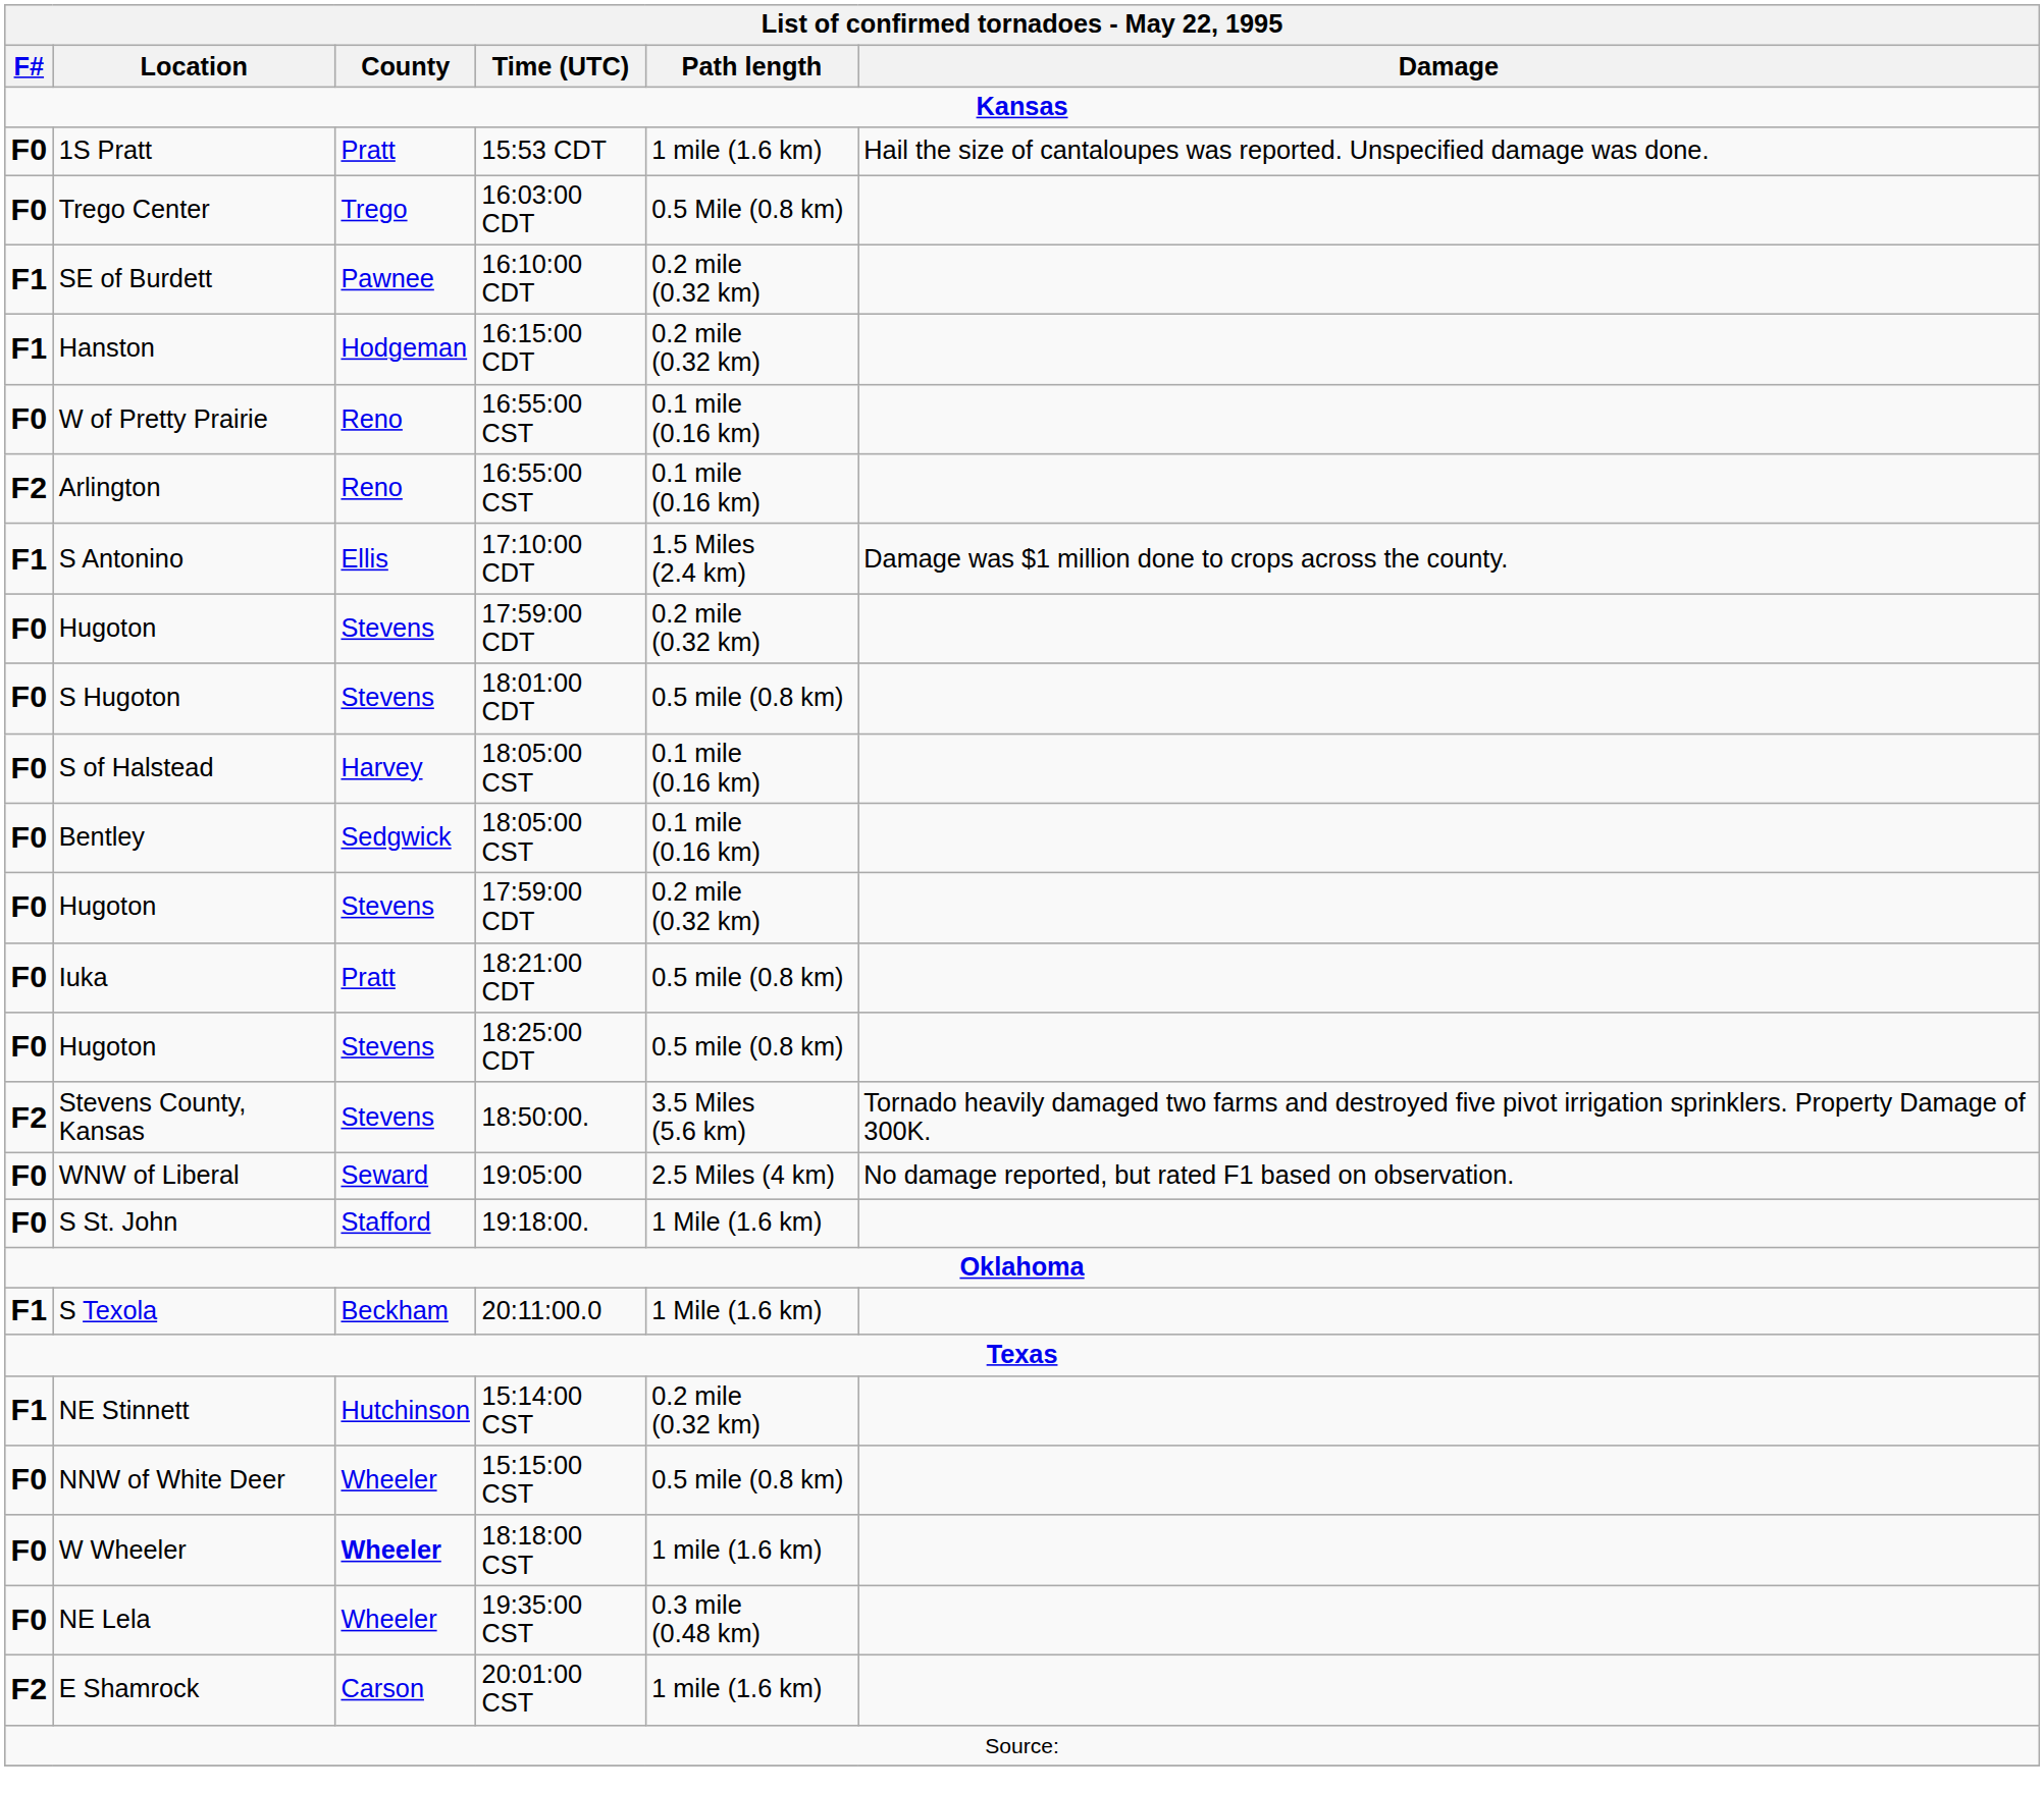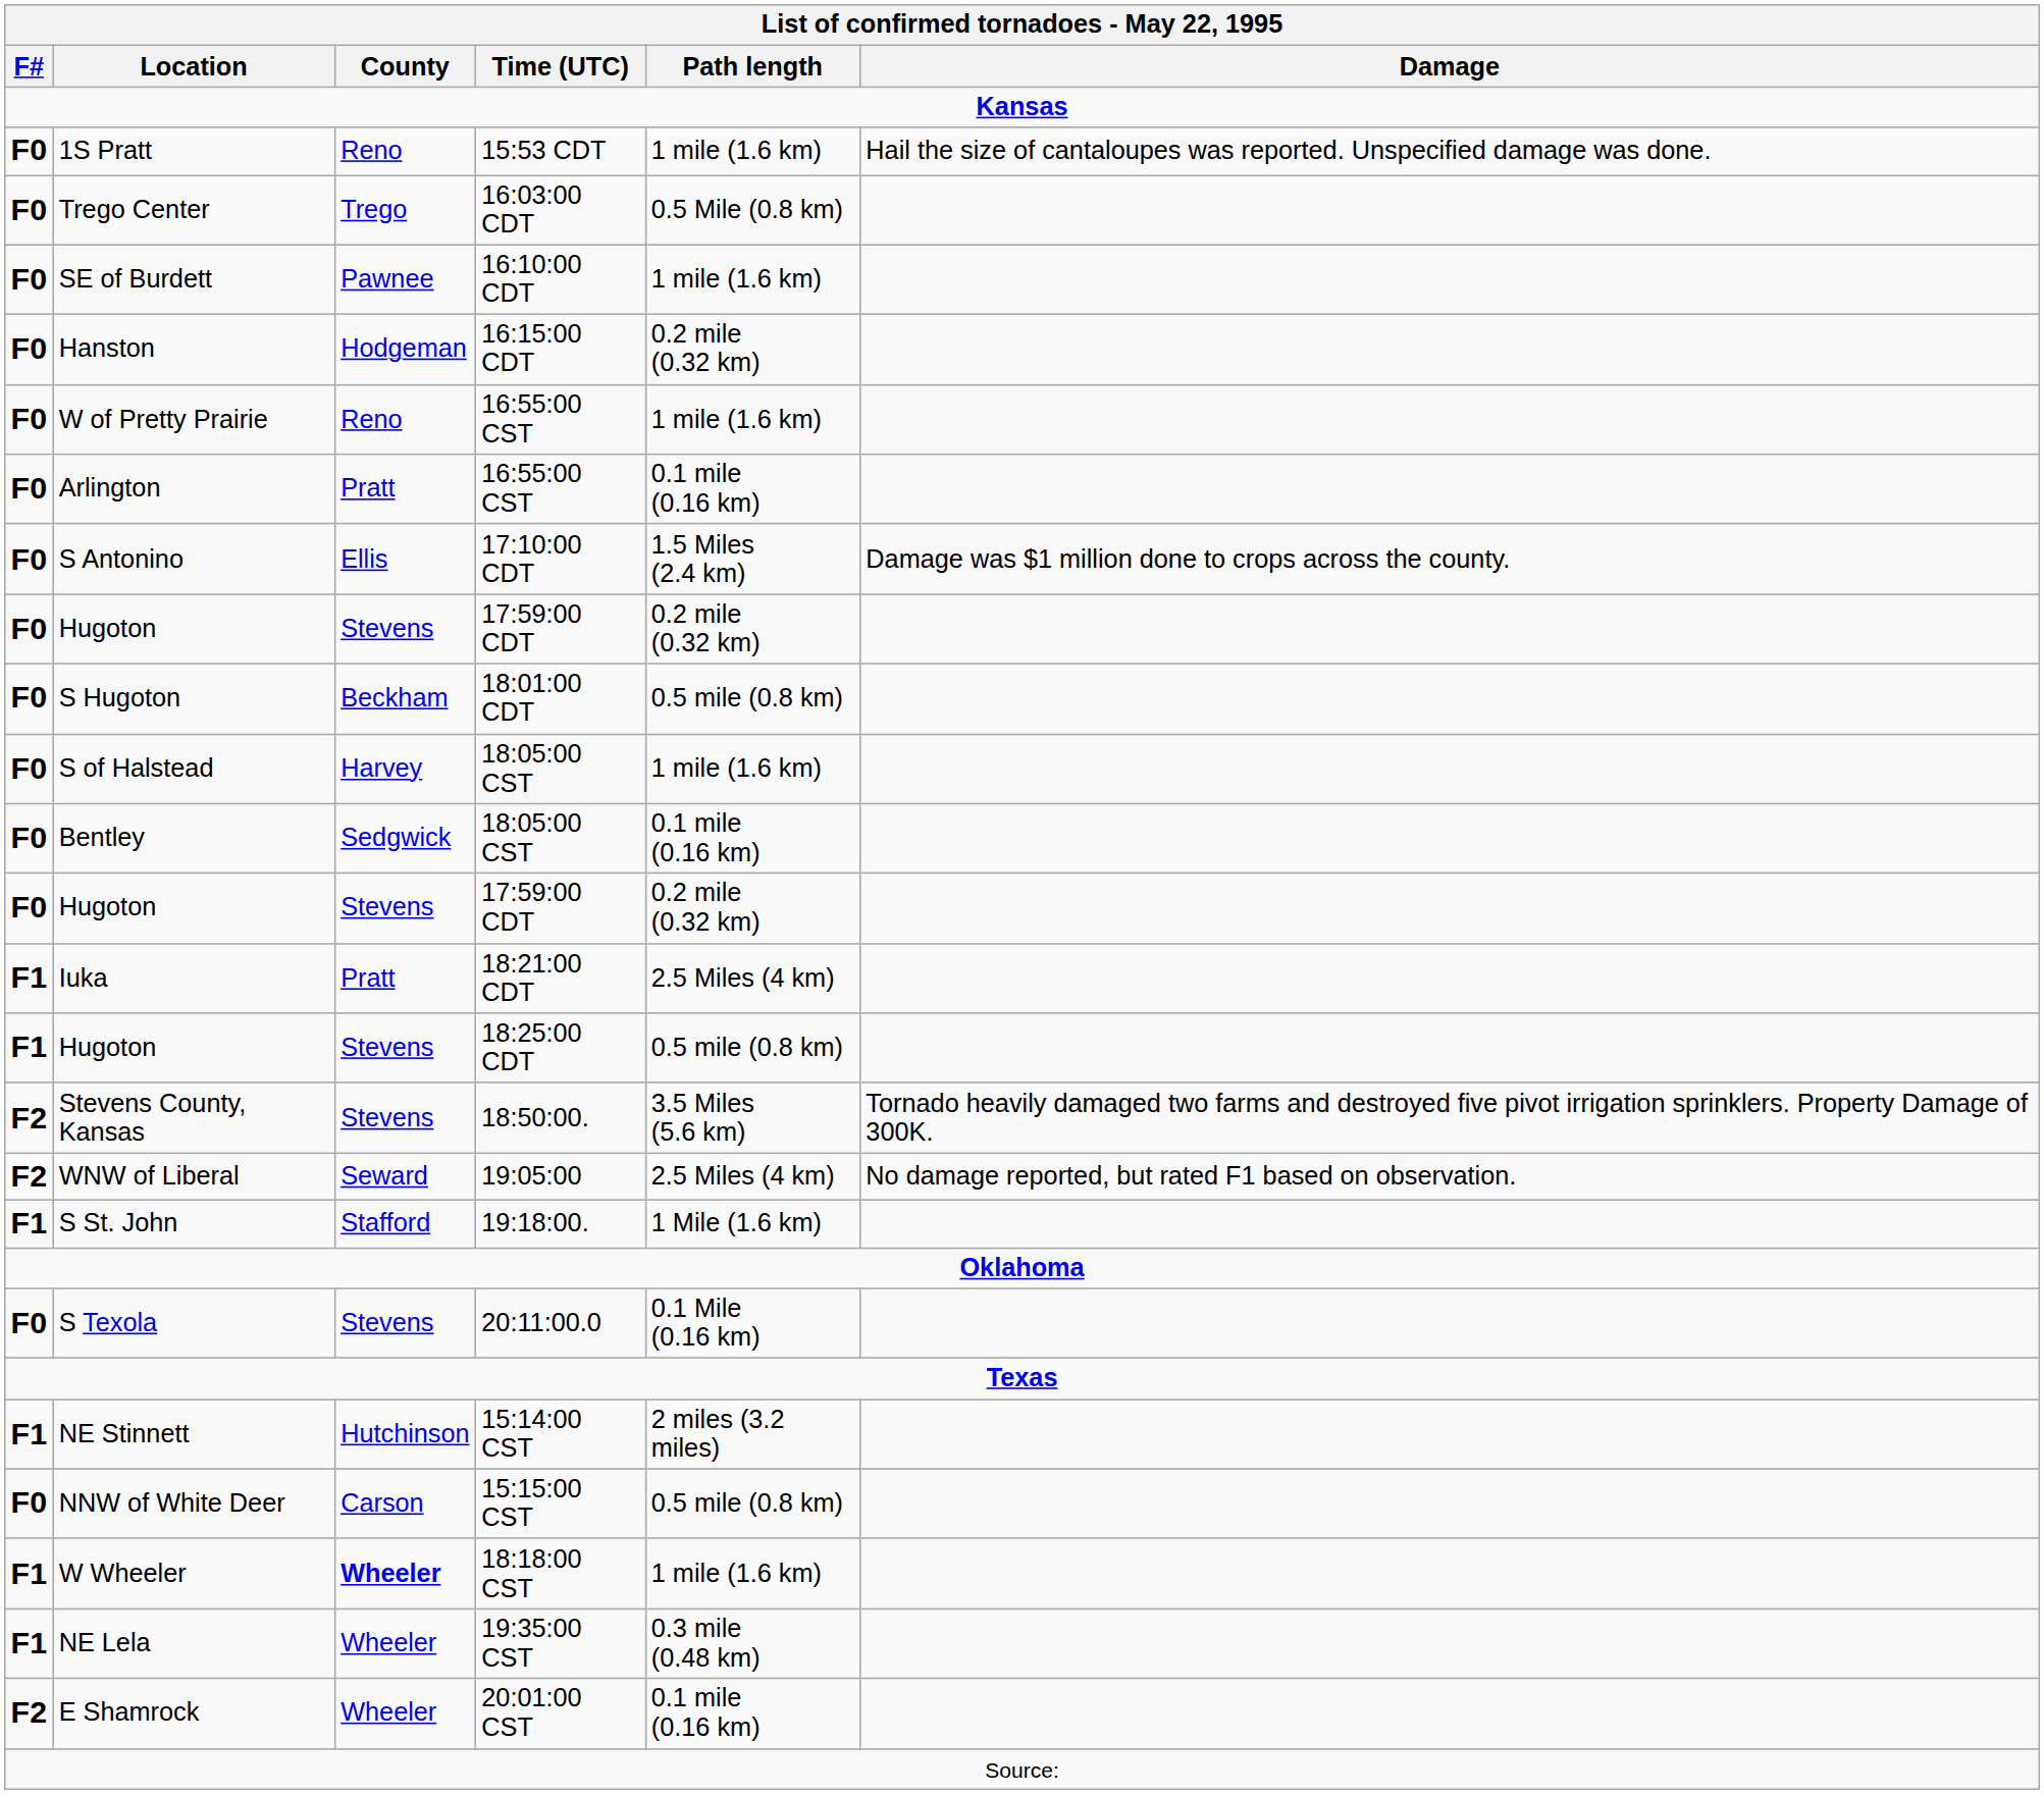 <table class="wikitable collapsible" width="100%">
 <tr>
 <th colspan="6">List of confirmed tornadoes - May 22, 1995</th>
 </tr>
 <tr>
 <th><a href='#'>F#</a></th>
 <th>Location</th>
 <th>County</th>
 <th>Time (UTC)</th>
 <th>Path length</th>
 <th>Damage</th>
 </tr>
 <tr>
 <td colspan="7" align=center><strong><a href='#'>Kansas</a></strong></td>
 </tr>
 <tr>
 <td><big><strong>F0</strong></big></td>
 <td>1S Pratt</td>
-<td><a href='#'>Pratt</a></td>
+<td><a href='#'>Reno</a></td>
 <td>15:53 CDT</td>
 <td>1 mile (1.6 km)</td>
 <td>Hail the size of cantaloupes was reported. Unspecified damage was done.</td>
 </tr>
 <tr>
 <td><big><strong>F0</strong></big></td>
 <td>Trego Center</td>
 <td><a href='#'>Trego</a></td>
 <td>16:03:00 CDT</td>
 <td>0.5 Mile (0.8 km)</td>
 <td></td>
 </tr>
 <tr>
-<td><big><strong>F1</strong></big></td>
+<td><big><strong>F0</strong></big></td>
 <td>SE of Burdett</td>
 <td><a href='#'>Pawnee</a></td>
 <td>16:10:00 CDT</td>
-<td>0.2 mile (0.32 km)</td>
+<td>1 mile (1.6 km)</td>
 <td></td>
 </tr>
 <tr>
-<td><big><strong>F1</strong></big></td>
+<td><big><strong>F0</strong></big></td>
 <td>Hanston</td>
 <td><a href='#'>Hodgeman</a></td>
 <td>16:15:00 CDT</td>
 <td>0.2 mile (0.32 km)</td>
 <td></td>
 </tr>
 <tr>
 <td><big><strong>F0</strong></big></td>
 <td>W of Pretty Prairie</td>
 <td><a href='#'>Reno</a></td>
 <td>16:55:00 CST</td>
-<td>0.1 mile (0.16 km)</td>
+<td>1 mile (1.6 km)</td>
 <td></td>
 </tr>
 <tr>
-<td><big><strong>F2</strong></big></td>
+<td><big><strong>F0</strong></big></td>
 <td>Arlington</td>
-<td><a href='#'>Reno</a></td>
+<td><a href='#'>Pratt</a></td>
 <td>16:55:00 CST</td>
 <td>0.1 mile (0.16 km)</td>
 <td></td>
 </tr>
 <tr>
-<td><big><strong>F1</strong></big></td>
+<td><big><strong>F0</strong></big></td>
 <td>S Antonino</td>
 <td><a href='#'>Ellis</a></td>
 <td>17:10:00 CDT</td>
 <td>1.5 Miles (2.4 km)</td>
 <td>Damage was $1 million done to crops across the county.</td>
 </tr>
 <tr>
 <td><big><strong>F0</strong></big></td>
 <td>Hugoton</td>
 <td><a href='#'>Stevens</a></td>
 <td>17:59:00 CDT</td>
 <td>0.2 mile (0.32 km)</td>
 <td></td>
 </tr>
 <tr>
 <td><big><strong>F0</strong></big></td>
 <td>S Hugoton</td>
-<td><a href='#'>Stevens</a></td>
+<td><a href='#'>Beckham</a></td>
 <td>18:01:00 CDT</td>
 <td>0.5 mile (0.8 km)</td>
 <td></td>
 </tr>
 <tr>
 <td><big><strong>F0</strong></big></td>
 <td>S of Halstead</td>
 <td><a href='#'>Harvey</a></td>
 <td>18:05:00 CST</td>
-<td>0.1 mile (0.16 km)</td>
+<td>1 mile (1.6 km)</td>
 <td></td>
 </tr>
 <tr>
 <td><big><strong>F0</strong></big></td>
 <td>Bentley</td>
 <td><a href='#'>Sedgwick</a></td>
 <td>18:05:00 CST</td>
 <td>0.1 mile (0.16 km)</td>
 <td></td>
 </tr>
 <tr>
 <td><big><strong>F0</strong></big></td>
 <td>Hugoton</td>
 <td><a href='#'>Stevens</a></td>
 <td>17:59:00 CDT</td>
 <td>0.2 mile (0.32 km)</td>
 <td></td>
 </tr>
 <tr>
-<td><big><strong>F0</strong></big></td>
+<td><big><strong>F1</strong></big></td>
 <td>Iuka</td>
 <td><a href='#'>Pratt</a></td>
 <td>18:21:00 CDT</td>
-<td>0.5 mile (0.8 km)</td>
+<td>2.5 Miles (4 km)</td>
 <td></td>
 </tr>
 <tr>
-<td><big><strong>F0</strong></big></td>
+<td><big><strong>F1</strong></big></td>
 <td>Hugoton</td>
 <td><a href='#'>Stevens</a></td>
 <td>18:25:00 CDT</td>
 <td>0.5 mile (0.8 km)</td>
 <td></td>
 </tr>
 <tr>
 <td><big><strong>F2</strong></big></td>
 <td>Stevens County, Kansas</td>
 <td><a href='#'>Stevens</a></td>
 <td>18:50:00.</td>
 <td>3.5 Miles (5.6 km)</td>
 <td>Tornado heavily damaged two farms and destroyed five pivot irrigation sprinklers. Property Damage of 300K.</td>
 </tr>
 <tr>
-<td><big><strong>F0</strong></big></td>
+<td><big><strong>F2</strong></big></td>
 <td>WNW of Liberal</td>
 <td><a href='#'>Seward</a></td>
 <td>19:05:00</td>
 <td>2.5 Miles (4 km)</td>
 <td>No damage reported, but rated F1 based on observation.</td>
 </tr>
 <tr>
-<td><big><strong>F0</strong></big></td>
+<td><big><strong>F1</strong></big></td>
 <td>S St. John</td>
 <td><a href='#'>Stafford</a></td>
 <td>19:18:00.</td>
 <td>1 Mile (1.6 km)</td>
 <td></td>
 </tr>
 <tr>
 <td colspan="7" align=center><strong><a href='#'>Oklahoma</a></strong></td>
 </tr>
 <tr>
-<td><big><strong>F1</strong></big></td>
+<td><big><strong>F0</strong></big></td>
 <td>S <a href='#'>Texola</a></td>
-<td><a href='#'>Beckham</a></td>
+<td><a href='#'>Stevens</a></td>
 <td>20:11:00.0</td>
-<td>1 Mile (1.6 km)</td>
+<td>0.1 Mile (0.16 km)</td>
 <td></td>
 </tr>
 <tr>
 <td colspan="7" align=center><strong><a href='#'>Texas</a></strong></td>
 </tr>
 <tr>
 <td><big><strong>F1</strong></big></td>
 <td>NE Stinnett</td>
 <td><a href='#'>Hutchinson</a></td>
 <td>15:14:00 CST</td>
-<td>0.2 mile (0.32 km)</td>
+<td>2 miles (3.2 miles)</td>
 <td></td>
 </tr>
 <tr>
 <td><big><strong>F0</strong></big></td>
 <td>NNW of White Deer</td>
-<td><a href='#'>Wheeler</a></td>
+<td><a href='#'>Carson</a></td>
 <td>15:15:00 CST</td>
 <td>0.5 mile (0.8 km)</td>
 <td></td>
 </tr>
 <tr>
-<td><big><strong>F0</strong></big></td>
+<td><big><strong>F1</strong></big></td>
 <td>W Wheeler</td>
 <td><strong><a href='#'>Wheeler</a></strong></td>
 <td>18:18:00 CST</td>
 <td>1 mile (1.6 km)</td>
 <td></td>
 </tr>
 <tr>
-<td><big><strong>F0</strong></big></td>
+<td><big><strong>F1</strong></big></td>
 <td>NE Lela</td>
 <td><a href='#'>Wheeler</a></td>
 <td>19:35:00 CST</td>
 <td>0.3 mile (0.48 km)</td>
 <td></td>
 </tr>
 <tr>
 <td><big><strong>F2</strong></big></td>
 <td>E Shamrock</td>
-<td><a href='#'>Carson</a></td>
+<td><a href='#'>Wheeler</a></td>
 <td>20:01:00 CST</td>
-<td>1 mile (1.6 km)</td>
+<td>0.1 mile (0.16 km)</td>
 <td></td>
 </tr>
 <tr>
 <td colspan="7" align=center><small>Source:  </small></td>
 </tr>
 <tr>
 </tr>
 </table>
